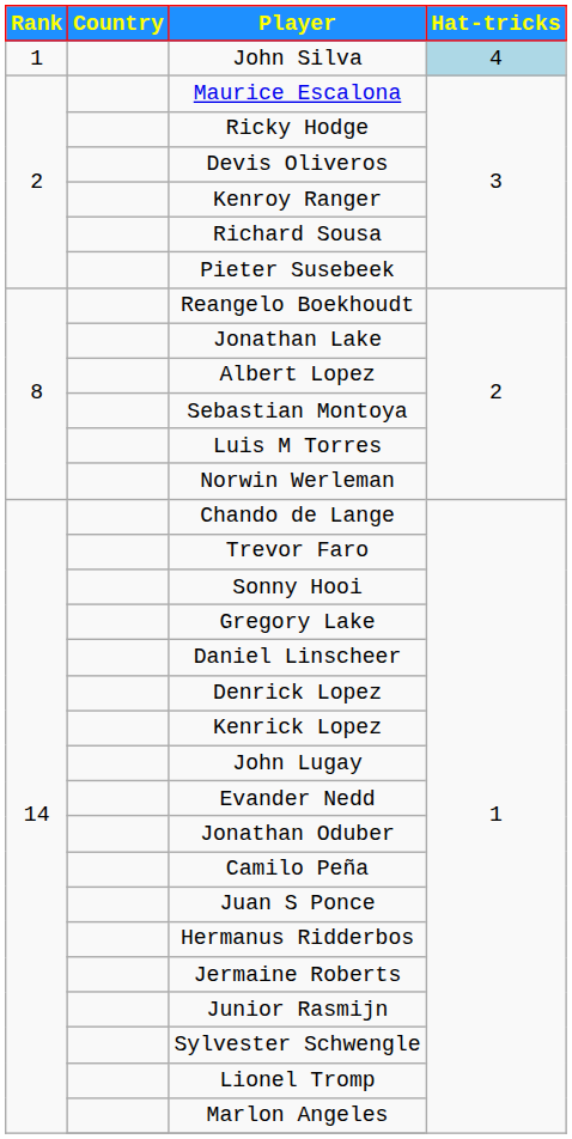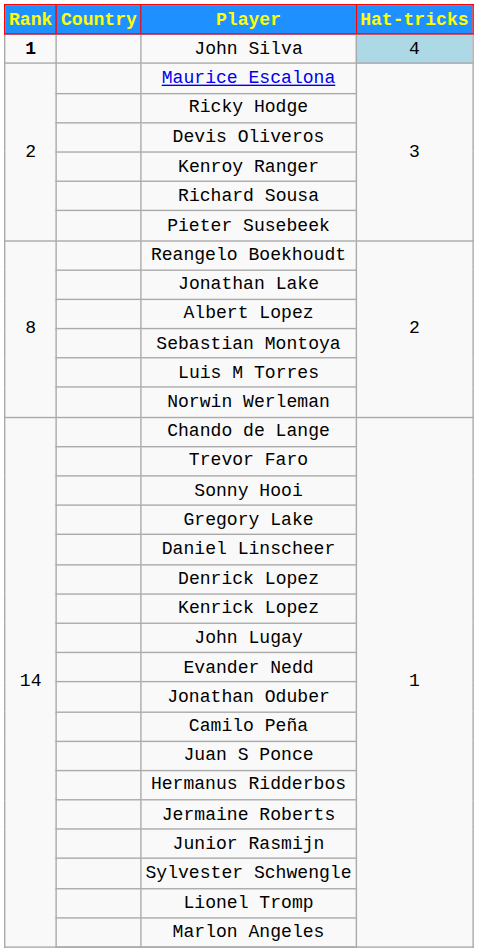 <table class="wikitable" style="text-align:center;">
 <tr>
 <th style="background:dodgerblue; color:yellow; border:1px solid red;">Rank</th>
 <th style="background:dodgerblue; color:yellow; border:1px solid red;">Country</th>
 <th style="background:dodgerblue; color:yellow; border:1px solid red;">Player</th>
 <th style="background:dodgerblue; color:yellow; border:1px solid red;">Hat-tricks</th>
 </tr>
 <tr>
-<td>1</td>
+<td><strong>1</strong></td>
 <td></td>
 <td>John Silva</td>
 <td style="background: lightblue;">4</td>
 </tr>
 <tr>
 <td rowspan=6>2</td>
 <td></td>
 <td><a href='#'>Maurice Escalona</a></td>
 <td rowspan=6>3</td>
 </tr>
 <tr>
 <td></td>
 <td>Ricky Hodge</td>
 </tr>
 <tr>
 <td></td>
 <td>Devis Oliveros</td>
 </tr>
 <tr>
 <td></td>
 <td>Kenroy Ranger</td>
 </tr>
 <tr>
 <td></td>
 <td>Richard Sousa</td>
 </tr>
 <tr>
 <td></td>
 <td>Pieter Susebeek</td>
 </tr>
 <tr>
 <td rowspan=6>8</td>
 <td></td>
 <td>Reangelo Boekhoudt</td>
 <td rowspan=6>2</td>
 </tr>
 <tr>
 <td></td>
 <td>Jonathan Lake</td>
 </tr>
 <tr>
 <td></td>
 <td>Albert Lopez</td>
 </tr>
 <tr>
 <td></td>
 <td>Sebastian Montoya</td>
 </tr>
 <tr>
 <td></td>
 <td>Luis M Torres</td>
 </tr>
 <tr>
 <td></td>
 <td>Norwin Werleman</td>
 </tr>
 <tr>
 <td rowspan=20>14</td>
 <td></td>
 <td>Chando de Lange</td>
 <td rowspan=20>1</td>
 </tr>
 <tr>
 <td></td>
 <td>Trevor Faro</td>
 </tr>
 <tr>
 <td></td>
 <td>Sonny Hooi</td>
 </tr>
 <tr>
 <td></td>
 <td>Gregory Lake</td>
 </tr>
 <tr>
 <td></td>
 <td>Daniel Linscheer</td>
 </tr>
 <tr>
 <td></td>
 <td>Denrick Lopez</td>
 </tr>
 <tr>
 <td></td>
 <td>Kenrick Lopez</td>
 </tr>
 <tr>
 <td></td>
 <td>John Lugay</td>
 </tr>
 <tr>
 <td></td>
 <td>Evander Nedd</td>
 </tr>
 <tr>
 <td></td>
 <td>Jonathan Oduber</td>
 </tr>
 <tr>
 <td></td>
 <td>Camilo Peña</td>
 </tr>
 <tr>
 <td></td>
 <td>Juan S Ponce</td>
 </tr>
 <tr>
 <td></td>
 <td>Hermanus Ridderbos</td>
 </tr>
 <tr>
 <td></td>
 <td>Jermaine Roberts</td>
 </tr>
 <tr>
 <td></td>
 <td>Junior Rasmijn</td>
 </tr>
 <tr>
 <td></td>
 <td>Sylvester Schwengle</td>
 </tr>
 <tr>
 <td></td>
 <td>Lionel Tromp</td>
 </tr>
 <tr>
 <td></td>
 <td>Marlon Angeles</td>
 </tr>
 <tr>
 </tr>
 </table>
